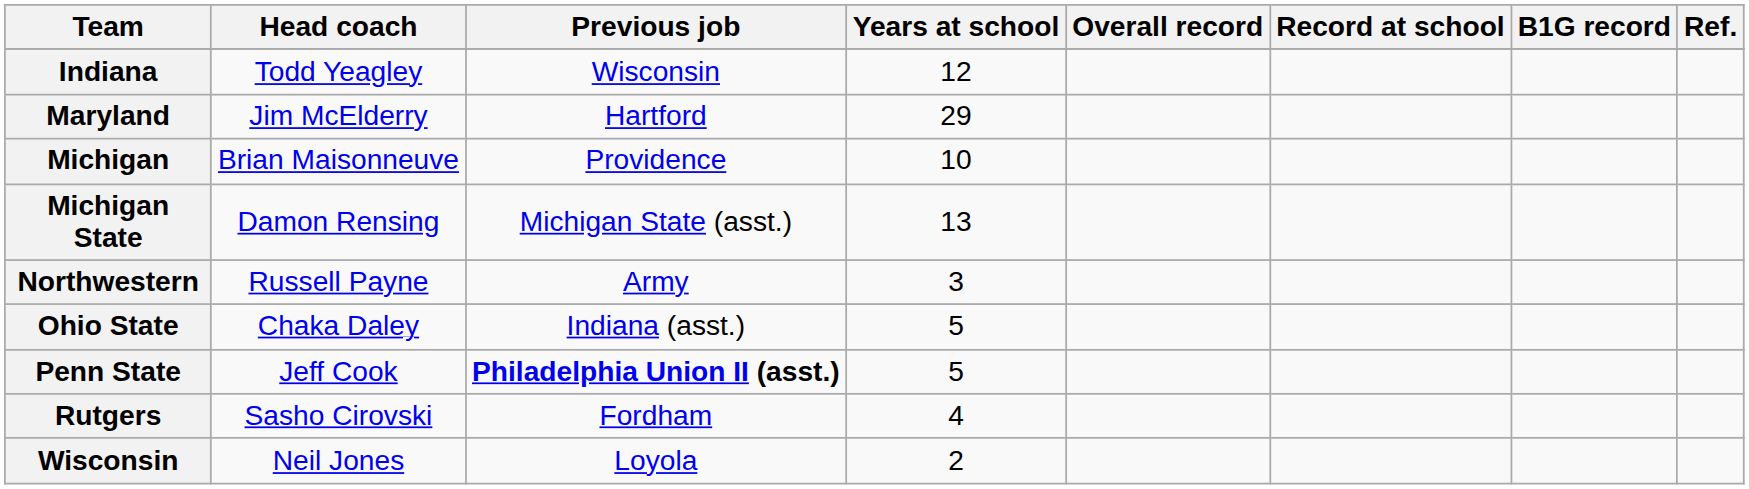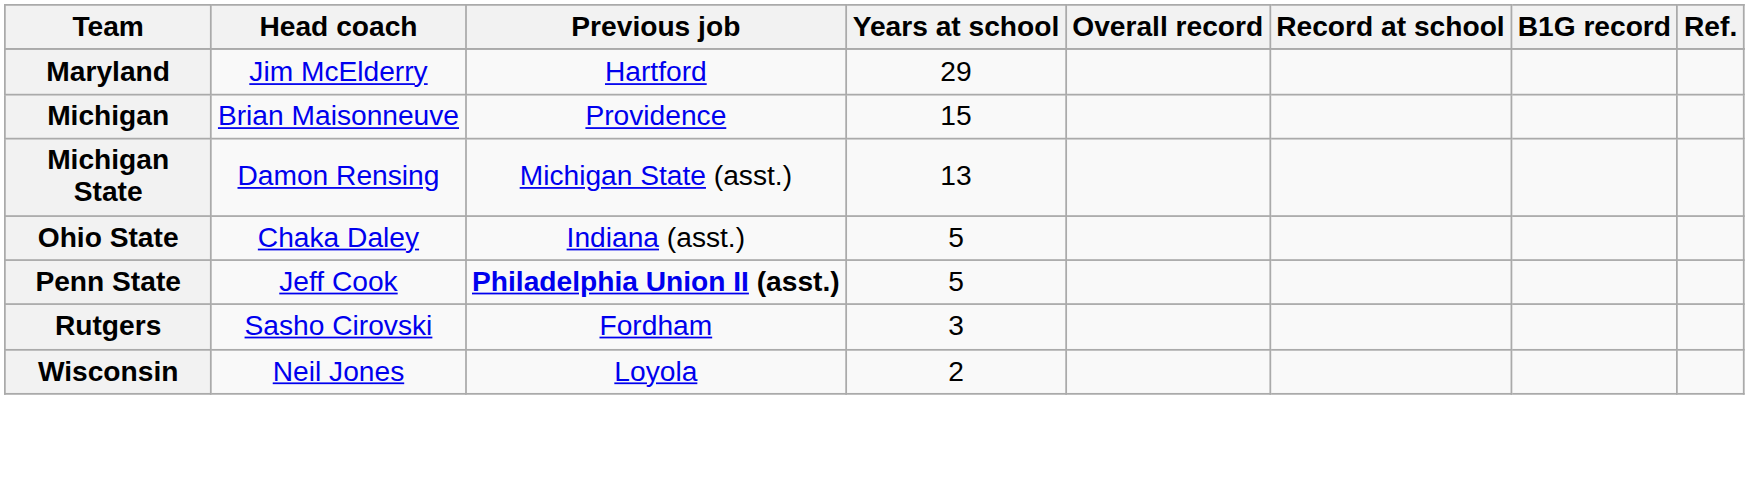 <table class="wikitable sortable" style="text-align: center;">
 <tr>
 <th style="width:110px;">Team</th>
 <th>Head coach</th>
 <th>Previous job</th>
 <th>Years at school</th>
 <th>Overall record</th>
 <th>Record at school</th>
 <th>B1G record</th>
 <th class="unsortable">Ref.</th>
 </tr>
 <tr>
-</tr>
-<tr>
-<th>Indiana</th>
-<td><a href='#'>Todd Yeagley</a></td>
-<td><a href='#'>Wisconsin</a></td>
-<td>12</td>
-<td></td>
-<td></td>
-<td></td>
-<td></td>
 </tr>
 <tr>
 <th>Maryland</th>
 <td><a href='#'>Jim McElderry</a></td>
 <td><a href='#'>Hartford</a></td>
 <td>29</td>
 <td></td>
 <td></td>
 <td></td>
 <td></td>
 </tr>
 <tr>
 <th>Michigan</th>
 <td><a href='#'>Brian Maisonneuve</a></td>
 <td><a href='#'>Providence</a></td>
-<td>10</td>
+<td>15</td>
 <td></td>
 <td></td>
 <td></td>
 <td></td>
 </tr>
 <tr>
 <th>Michigan State</th>
 <td><a href='#'>Damon Rensing</a></td>
 <td><a href='#'>Michigan State</a> (asst.)</td>
 <td>13</td>
-<td></td>
-<td></td>
-<td></td>
-<td></td>
-</tr>
-<tr>
-<th>Northwestern</th>
-<td><a href='#'>Russell Payne</a></td>
-<td><a href='#'>Army</a></td>
-<td>3</td>
 <td></td>
 <td></td>
 <td></td>
 <td></td>
 </tr>
 <tr>
 <th>Ohio State</th>
 <td><a href='#'>Chaka Daley</a></td>
 <td><a href='#'>Indiana</a> (asst.)</td>
 <td>5</td>
 <td></td>
 <td></td>
 <td></td>
 <td></td>
 </tr>
 <tr>
 <th>Penn State</th>
 <td><a href='#'>Jeff Cook</a></td>
 <td><strong><a href='#'>Philadelphia Union II</a> (asst.)</strong></td>
 <td>5</td>
 <td></td>
 <td></td>
 <td></td>
 <td></td>
 </tr>
 <tr>
 <th>Rutgers</th>
 <td><a href='#'>Sasho Cirovski</a></td>
 <td><a href='#'>Fordham</a></td>
-<td>4</td>
+<td>3</td>
 <td></td>
 <td></td>
 <td></td>
 <td></td>
 </tr>
 <tr>
 <th>Wisconsin</th>
 <td><a href='#'>Neil Jones</a></td>
 <td><a href='#'>Loyola</a></td>
 <td>2</td>
 <td></td>
 <td></td>
 <td></td>
 <td></td>
 </tr>
 </table>
